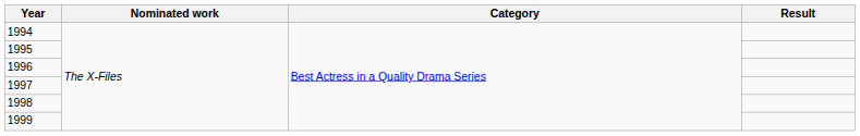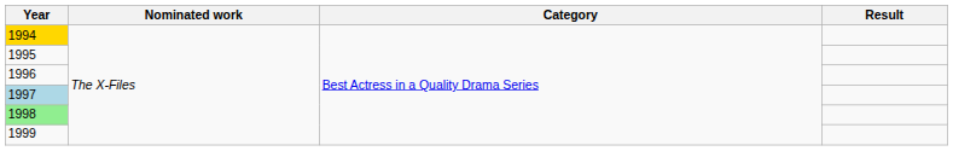 <table style="width:95%;" class="wikitable sortable">
 <tr>
 <th style="width:5%;">Year</th>
 <th style="width:20%;">Nominated work</th>
 <th style="width:40%;">Category</th>
 <th style="width:10%;">Result</th>
 </tr>
 <tr>
-<td>1994</td>
+<td style="background: gold;">1994</td>
 <td rowspan="6"><em>The X-Files</em></td>
 <td rowspan="6"><a href='#'>Best Actress in a Quality Drama Series</a></td>
 <td></td>
 </tr>
 <tr>
 <td>1995</td>
 <td></td>
 </tr>
 <tr>
 <td>1996</td>
 <td></td>
 </tr>
 <tr>
-<td>1997</td>
+<td style="background: lightblue;">1997</td>
 <td></td>
 </tr>
 <tr>
-<td>1998</td>
+<td style="background: lightgreen;">1998</td>
 <td></td>
 </tr>
 <tr>
 <td>1999</td>
 <td></td>
 </tr>
 </table>
